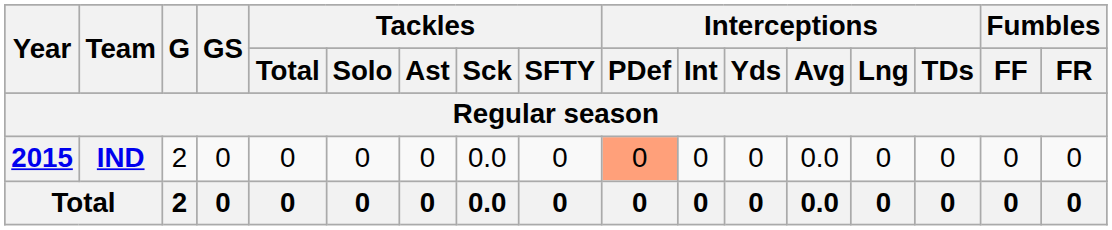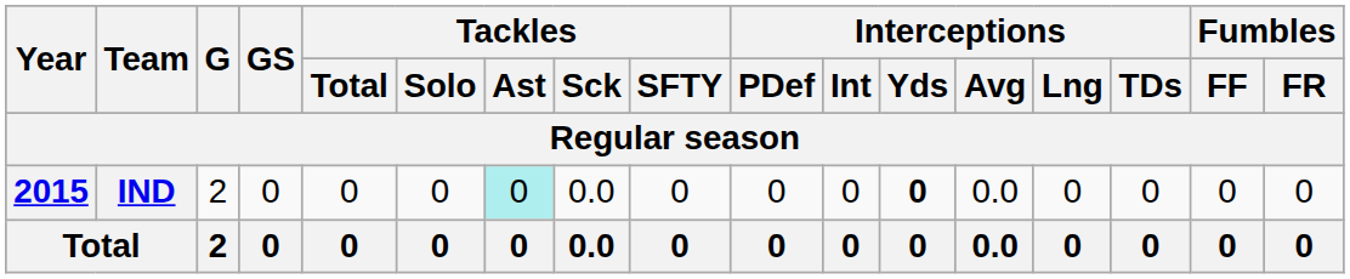 <table class="wikitable" style="text-align: center;">
 <tr>
 <th rowspan=2>Year</th>
 <th rowspan=2>Team</th>
 <th rowspan=2>G</th>
 <th rowspan=2>GS</th>
 <th colspan=5>Tackles</th>
 <th colspan=6>Interceptions</th>
 <th colspan=2>Fumbles</th>
 </tr>
 <tr>
 <th>Total</th>
 <th>Solo</th>
 <th>Ast</th>
 <th>Sck</th>
 <th>SFTY</th>
 <th>PDef</th>
 <th>Int</th>
 <th>Yds</th>
 <th>Avg</th>
 <th>Lng</th>
 <th>TDs</th>
 <th>FF</th>
 <th>FR</th>
 </tr>
 <tr>
 <th colspan=17><strong>Regular season</strong></th>
 </tr>
 <tr>
 <th><a href='#'>2015</a></th>
 <th><a href='#'>IND</a></th>
 <td>2</td>
 <td>0</td>
 <td>0</td>
 <td>0</td>
-<td>0</td>
+<td style="background: paleturquoise;">0</td>
 <td>0.0</td>
 <td>0</td>
-<td style="background: lightsalmon;">0</td>
 <td>0</td>
 <td>0</td>
+<td><strong>0</strong></td>
 <td>0.0</td>
 <td>0</td>
 <td>0</td>
 <td>0</td>
 <td>0</td>
 </tr>
 <tr>
 <th colspan=2>Total</th>
 <th>2</th>
 <th>0</th>
 <th>0</th>
 <th>0</th>
 <th>0</th>
 <th>0.0</th>
 <th>0</th>
 <th>0</th>
 <th>0</th>
 <th>0</th>
 <th>0.0</th>
 <th>0</th>
 <th>0</th>
 <th>0</th>
 <th>0</th>
 </tr>
 </table>
